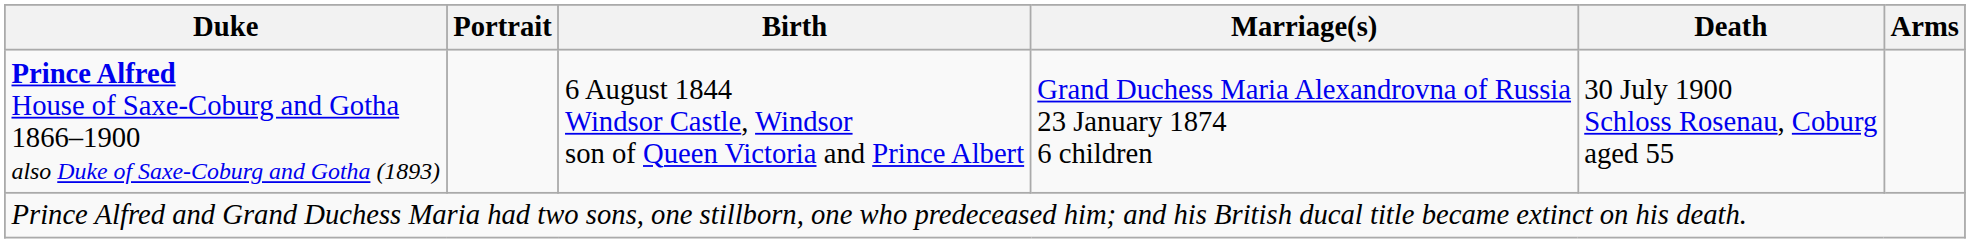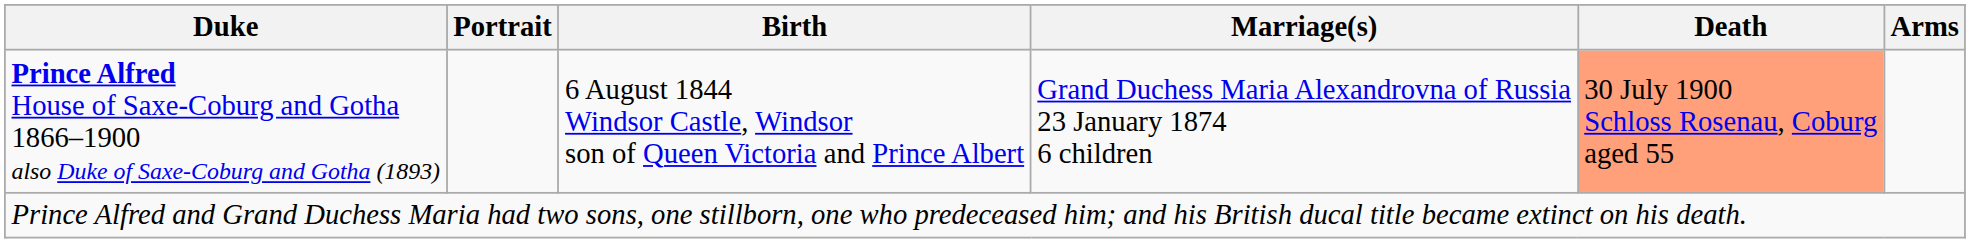 <table class="wikitable">
 <tr>
 <th>Duke</th>
 <th>Portrait</th>
 <th>Birth</th>
 <th>Marriage(s)</th>
 <th>Death</th>
 <th>Arms</th>
 </tr>
 <tr>
 <td><strong><a href='#'>Prince Alfred</a></strong><br><a href='#'>House of Saxe-Coburg and Gotha</a><br>1866–1900<br><em><small>also <a href='#'>Duke of Saxe-Coburg and Gotha</a> (1893)</small></em></td>
 <td></td>
 <td>6 August 1844<br><a href='#'>Windsor Castle</a>, <a href='#'>Windsor</a><br>son of <a href='#'>Queen Victoria</a> and <a href='#'>Prince Albert</a></td>
 <td><a href='#'>Grand Duchess Maria Alexandrovna of Russia</a><br>23 January 1874<br>6 children</td>
-<td>30 July 1900<br><a href='#'>Schloss Rosenau</a>, <a href='#'>Coburg</a><br>aged 55</td>
+<td style="background: lightsalmon;">30 July 1900<br><a href='#'>Schloss Rosenau</a>, <a href='#'>Coburg</a><br>aged 55</td>
 <td></td>
 </tr>
 <tr>
 <td colspan="6"><em>Prince Alfred and Grand Duchess Maria had two sons, one stillborn, one who predeceased him; and his British ducal title became extinct on his death.</em></td>
 </tr>
 </table>
